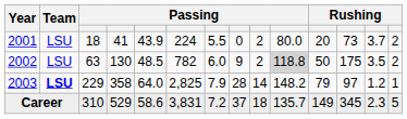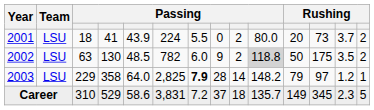 <table class="wikitable sortable" style="text-align:center;">
 <tr>
 <th rowspan=2>Year</th>
 <th rowspan=2>Team</th>
 <th colspan=8>Passing</th>
 <th colspan=4>Rushing</th>
 </tr>
 <tr>
 <th></th>
 <th></th>
 <th></th>
 <th></th>
 <th></th>
 <th></th>
 <th></th>
 <th></th>
 <th></th>
 <th></th>
 <th></th>
 <th></th>
 </tr>
 <tr>
 <td><a href='#'>2001</a></td>
 <td><a href='#'>LSU</a></td>
 <td>18</td>
 <td>41</td>
 <td>43.9</td>
 <td>224</td>
 <td>5.5</td>
 <td>0</td>
 <td>2</td>
 <td>80.0</td>
 <td>20</td>
 <td>73</td>
 <td>3.7</td>
 <td>2</td>
 </tr>
 <tr>
 <td><a href='#'>2002</a></td>
 <td><a href='#'>LSU</a></td>
 <td>63</td>
 <td>130</td>
 <td>48.5</td>
 <td>782</td>
 <td>6.0</td>
 <td>9</td>
 <td>2</td>
 <td style="background: lightgrey;">118.8</td>
 <td>50</td>
 <td>175</td>
 <td>3.5</td>
 <td>2</td>
 </tr>
 <tr>
 <td><a href='#'>2003</a></td>
-<td><strong><a href='#'>LSU</a></strong></td>
+<td><a href='#'>LSU</a></td>
 <td>229</td>
 <td>358</td>
 <td>64.0</td>
 <td>2,825</td>
-<td>7.9</td>
+<td><strong>7.9</strong></td>
 <td>28</td>
 <td>14</td>
 <td>148.2</td>
 <td>79</td>
 <td>97</td>
 <td>1.2</td>
 <td>1</td>
 </tr>
 <tr class="sortbottom" style="background:#eee;">
 <td colspan=2><strong>Career</strong></td>
 <td>310</td>
 <td>529</td>
 <td>58.6</td>
 <td>3,831</td>
 <td>7.2</td>
 <td>37</td>
 <td>18</td>
 <td>135.7</td>
 <td>149</td>
 <td>345</td>
 <td>2.3</td>
 <td>5</td>
 </tr>
 </table>
